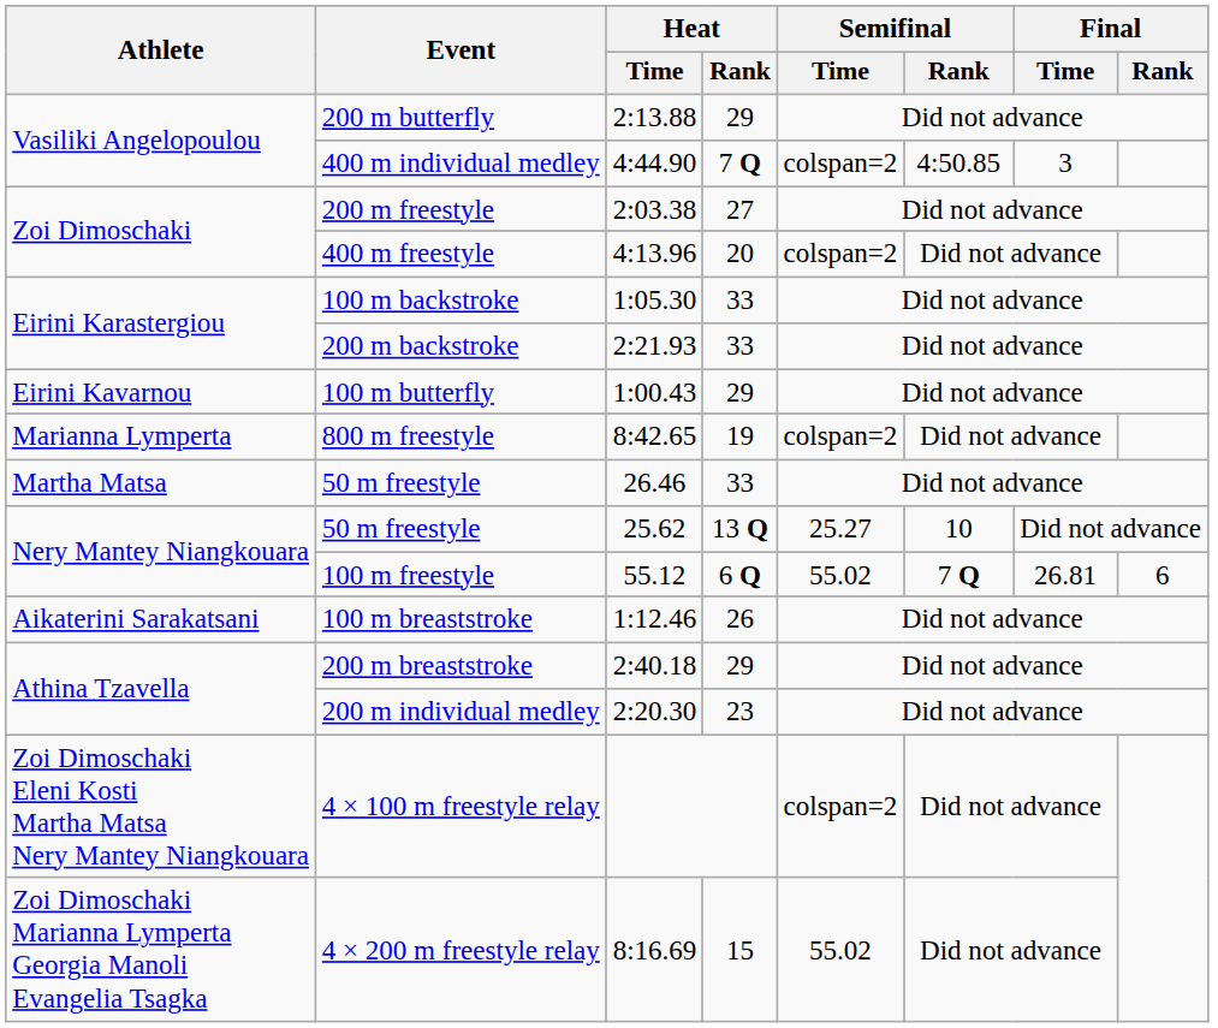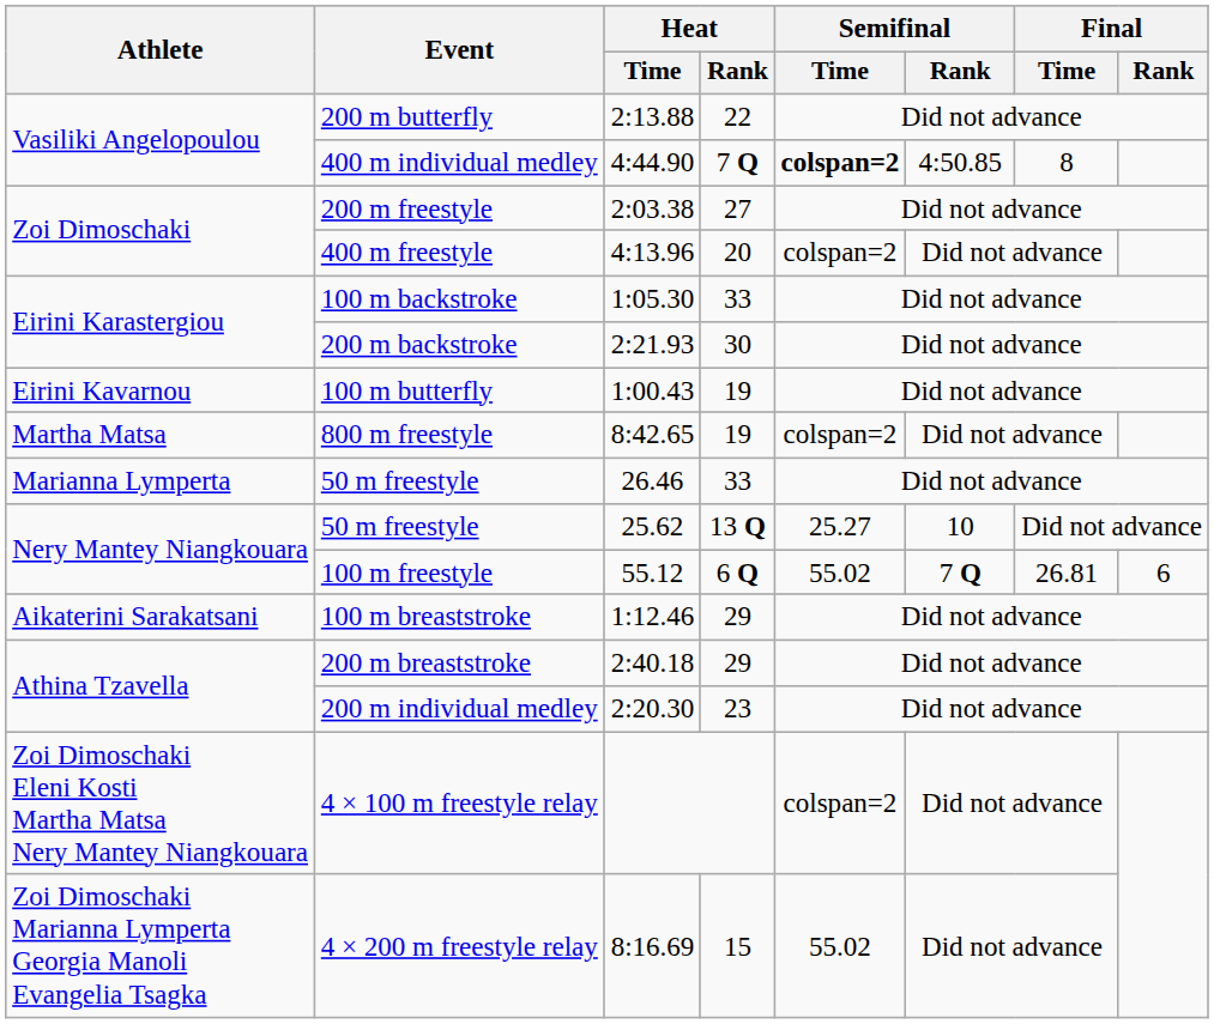 <table class=wikitable style="font-size:90%">
 <tr>
 <th rowspan="2">Athlete</th>
 <th rowspan="2">Event</th>
 <th colspan="2">Heat</th>
 <th colspan="2">Semifinal</th>
 <th colspan="2">Final</th>
 </tr>
 <tr style="font-size:95%">
 <th>Time</th>
 <th>Rank</th>
 <th>Time</th>
 <th>Rank</th>
 <th>Time</th>
 <th>Rank</th>
 </tr>
 <tr align=center>
 <td align=left rowspan=2><a href='#'>Vasiliki Angelopoulou</a></td>
 <td align=left><a href='#'>200 m butterfly</a></td>
 <td>2:13.88</td>
-<td>29</td>
+<td>22</td>
 <td colspan=4>Did not advance</td>
 </tr>
 <tr align=center>
 <td align=left><a href='#'>400 m individual medley</a></td>
 <td>4:44.90</td>
 <td>7 <strong>Q</strong></td>
-<td>colspan=2 </td>
+<td><strong>colspan=2 </strong></td>
 <td>4:50.85</td>
-<td>3</td>
+<td>8</td>
 </tr>
 <tr align=center>
 <td align=left rowspan=2><a href='#'>Zoi Dimoschaki</a></td>
 <td align=left><a href='#'>200 m freestyle</a></td>
 <td>2:03.38</td>
 <td>27</td>
 <td colspan=4>Did not advance</td>
 </tr>
 <tr align=center>
 <td align=left><a href='#'>400 m freestyle</a></td>
 <td>4:13.96</td>
 <td>20</td>
 <td>colspan=2 </td>
 <td colspan=2>Did not advance</td>
 </tr>
 <tr align=center>
 <td align=left rowspan=2><a href='#'>Eirini Karastergiou</a></td>
 <td align=left><a href='#'>100 m backstroke</a></td>
 <td>1:05.30</td>
 <td>33</td>
 <td colspan=4>Did not advance</td>
 </tr>
 <tr align=center>
 <td align=left><a href='#'>200 m backstroke</a></td>
 <td>2:21.93</td>
-<td>33</td>
+<td>30</td>
 <td colspan=4>Did not advance</td>
 </tr>
 <tr align=center>
 <td align=left><a href='#'>Eirini Kavarnou</a></td>
 <td align=left><a href='#'>100 m butterfly</a></td>
 <td>1:00.43</td>
-<td>29</td>
+<td>19</td>
 <td colspan=4>Did not advance</td>
 </tr>
 <tr align=center>
-<td align=left><a href='#'>Marianna Lymperta</a></td>
+<td align=left><a href='#'>Martha Matsa</a></td>
 <td align=left><a href='#'>800 m freestyle</a></td>
 <td>8:42.65</td>
 <td>19</td>
 <td>colspan=2 </td>
 <td colspan=2>Did not advance</td>
 </tr>
 <tr align=center>
-<td align=left><a href='#'>Martha Matsa</a></td>
+<td align=left><a href='#'>Marianna Lymperta</a></td>
 <td align=left><a href='#'>50 m freestyle</a></td>
 <td>26.46</td>
 <td>33</td>
 <td colspan=4>Did not advance</td>
 </tr>
 <tr align=center>
 <td align=left rowspan=2><a href='#'>Nery Mantey Niangkouara</a></td>
 <td align=left><a href='#'>50 m freestyle</a></td>
 <td>25.62</td>
 <td>13 <strong>Q</strong></td>
 <td>25.27</td>
 <td>10</td>
 <td colspan=2>Did not advance</td>
 </tr>
 <tr align=center>
 <td align=left><a href='#'>100 m freestyle</a></td>
 <td>55.12</td>
 <td>6 <strong>Q</strong></td>
 <td>55.02</td>
 <td>7 <strong>Q</strong></td>
 <td>26.81</td>
 <td>6</td>
 </tr>
 <tr align=center>
 <td align=left><a href='#'>Aikaterini Sarakatsani</a></td>
 <td align=left><a href='#'>100 m breaststroke</a></td>
 <td>1:12.46</td>
-<td>26</td>
+<td>29</td>
 <td colspan=4>Did not advance</td>
 </tr>
 <tr align=center>
 <td align=left rowspan=2><a href='#'>Athina Tzavella</a></td>
 <td align=left><a href='#'>200 m breaststroke</a></td>
 <td>2:40.18</td>
 <td>29</td>
 <td colspan=4>Did not advance</td>
 </tr>
 <tr align=center>
 <td align=left><a href='#'>200 m individual medley</a></td>
 <td>2:20.30</td>
 <td>23</td>
 <td colspan=4>Did not advance</td>
 </tr>
 <tr align=center>
 <td align=left><a href='#'>Zoi Dimoschaki</a><br><a href='#'>Eleni Kosti</a><br><a href='#'>Martha Matsa</a><br><a href='#'>Nery Mantey Niangkouara</a></td>
 <td align=left><a href='#'>4 × 100 m freestyle relay</a></td>
 <td colspan=2></td>
 <td>colspan=2 </td>
 <td colspan=2>Did not advance</td>
 </tr>
 <tr align=center>
 <td align=left><a href='#'>Zoi Dimoschaki</a><br><a href='#'>Marianna Lymperta</a><br><a href='#'>Georgia Manoli</a><br><a href='#'>Evangelia Tsagka</a></td>
 <td align=left><a href='#'>4 × 200 m freestyle relay</a></td>
 <td>8:16.69</td>
 <td>15</td>
 <td>55.02</td>
 <td colspan=2>Did not advance</td>
 </tr>
 </table>
